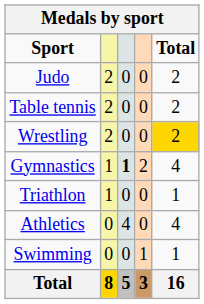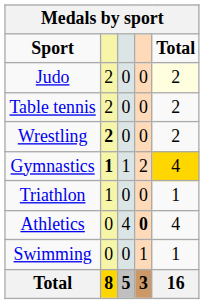 <table class="wikitable" style="font-size:85%; float:right">
 <tr style="background:#efefef;">
 <th colspan=7><strong>Medals by sport</strong></th>
 </tr>
 <tr align=center>
 <td><strong>Sport</strong></td>
 <td style="background:#f7f6a8;"></td>
 <td style="background:#dce5e5;"></td>
 <td style="background:#ffdab9;"></td>
 <td><strong>Total</strong></td>
 </tr>
 <tr align=center>
 <td><a href='#'>Judo</a></td>
 <td style="background:#f7f6a8;">2</td>
 <td style="background:#dce5e5;">0</td>
 <td style="background:#ffdab9;">0</td>
-<td>2</td>
+<td style="background: lightyellow;">2</td>
 </tr>
 <tr align=center>
 <td><a href='#'>Table tennis</a></td>
 <td style="background:#f7f6a8;">2</td>
 <td style="background:#dce5e5;">0</td>
 <td style="background:#ffdab9;">0</td>
 <td>2</td>
 </tr>
 <tr align=center>
 <td><a href='#'>Wrestling</a></td>
-<td style="background:#f7f6a8;">2</td>
+<td style="background:#f7f6a8;"><strong>2</strong></td>
 <td style="background:#dce5e5;">0</td>
 <td style="background:#ffdab9;">0</td>
-<td style="background: gold;">2</td>
+<td>2</td>
 </tr>
 <tr align=center>
 <td><a href='#'>Gymnastics</a></td>
-<td style="background:#f7f6a8;">1</td>
-<td style="background:#dce5e5;"><strong>1</strong></td>
+<td style="background:#f7f6a8;"><strong>1</strong></td>
+<td style="background:#dce5e5;">1</td>
 <td style="background:#ffdab9;">2</td>
-<td>4</td>
+<td style="background: gold;">4</td>
 </tr>
 <tr align=center>
 <td><a href='#'>Triathlon</a></td>
 <td style="background:#f7f6a8;">1</td>
 <td style="background:#dce5e5;">0</td>
 <td style="background:#ffdab9;">0</td>
 <td>1</td>
 </tr>
 <tr align=center>
 <td><a href='#'>Athletics</a></td>
 <td style="background:#f7f6a8;">0</td>
 <td style="background:#dce5e5;">4</td>
-<td style="background:#ffdab9;">0</td>
+<td style="background:#ffdab9;"><strong>0</strong></td>
 <td>4</td>
 </tr>
 <tr align=center>
 <td><a href='#'>Swimming</a></td>
 <td style="background:#f7f6a8;">0</td>
 <td style="background:#dce5e5;">0</td>
 <td style="background:#ffdab9;">1</td>
 <td>1</td>
 </tr>
 <tr align=center>
 <th><strong>Total</strong></th>
 <th style="background:gold;"><strong>8</strong></th>
 <th style="background:silver;"><strong>5</strong></th>
 <th style="background:#c96;"><strong>3</strong></th>
 <th><strong>16</strong></th>
 </tr>
 </table>
